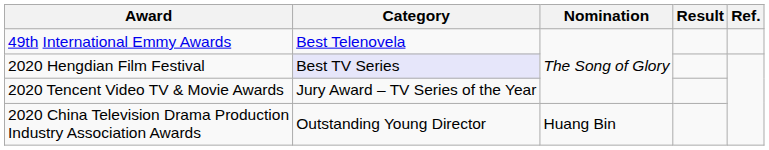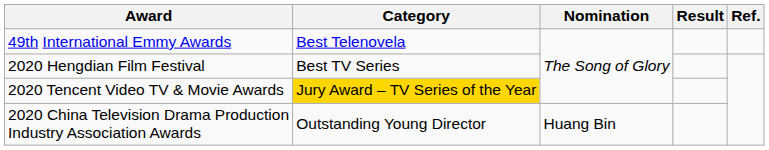 <table class="wikitable">
 <tr>
 <th>Award</th>
 <th>Category</th>
 <th>Nomination</th>
 <th>Result</th>
 <th>Ref.</th>
 </tr>
 <tr>
 <td><a href='#'>49th</a> <a href='#'>International Emmy Awards</a></td>
 <td><a href='#'>Best Telenovela</a></td>
 <td rowspan=3><em>The Song of Glory</em></td>
 <td></td>
 <td></td>
 </tr>
 <tr>
 <td>2020 Hengdian Film Festival</td>
-<td style="background: lavender;">Best TV Series</td>
+<td>Best TV Series</td>
 <td></td>
 <td rowspan=3></td>
 </tr>
 <tr>
 <td>2020 Tencent Video TV & Movie Awards</td>
-<td>Jury Award – TV Series of the Year</td>
+<td style="background: gold;">Jury Award – TV Series of the Year</td>
 <td></td>
 </tr>
 <tr>
 <td>2020 China Television Drama Production<br>Industry Association Awards</td>
 <td>Outstanding Young Director</td>
 <td>Huang Bin</td>
 <td></td>
 </tr>
 </table>
